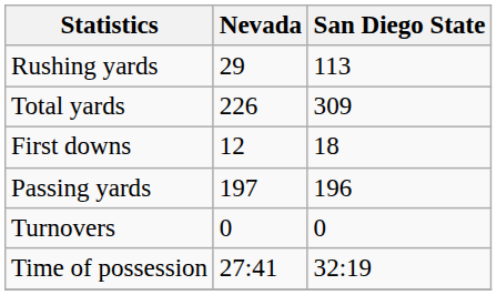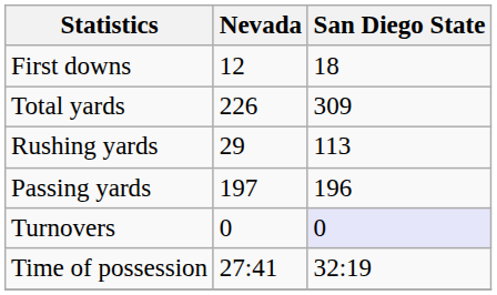 <table class="wikitable">
 <tr>
 <th>Statistics</th>
 <th>Nevada</th>
 <th>San Diego State</th>
 </tr>
 <tr>
-<td>Rushing yards</td>
-<td>29</td>
-<td>113</td>
+<td>First downs</td>
+<td>12</td>
+<td>18</td>
 </tr>
 <tr>
 <td>Total yards</td>
 <td>226</td>
 <td>309</td>
 </tr>
 <tr>
-<td>First downs</td>
-<td>12</td>
-<td>18</td>
+<td>Rushing yards</td>
+<td>29</td>
+<td>113</td>
 </tr>
 <tr>
 <td>Passing yards</td>
 <td>197</td>
 <td>196</td>
 </tr>
 <tr>
 <td>Turnovers</td>
 <td>0</td>
-<td>0</td>
+<td style="background: lavender;">0</td>
 </tr>
 <tr>
 <td>Time of possession</td>
 <td>27:41</td>
 <td>32:19</td>
 </tr>
 <tr>
 </tr>
 </table>
